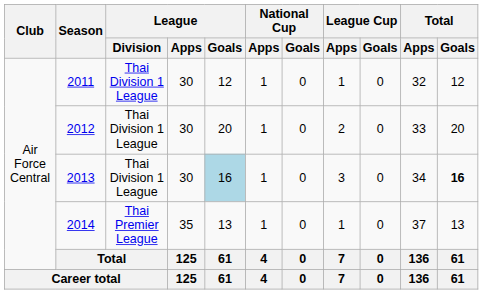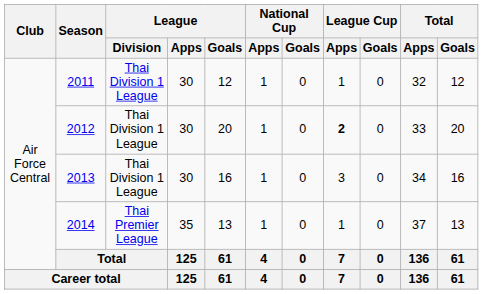 <table class="wikitable" style="text-align: center;">
 <tr>
 <th rowspan="2">Club</th>
 <th rowspan="2">Season</th>
 <th colspan="3">League</th>
 <th colspan="2">National Cup</th>
 <th colspan="2">League Cup</th>
 <th colspan="2">Total</th>
 </tr>
 <tr>
 <th>Division</th>
 <th>Apps</th>
 <th>Goals</th>
 <th>Apps</th>
 <th>Goals</th>
 <th>Apps</th>
 <th>Goals</th>
 <th>Apps</th>
 <th>Goals</th>
 </tr>
 <tr>
 <td rowspan="5" valign="center">Air Force Central</td>
 <td><a href='#'>2011</a></td>
 <td><a href='#'>Thai Division 1 League</a></td>
 <td>30</td>
 <td>12</td>
 <td>1</td>
 <td>0</td>
 <td>1</td>
 <td>0</td>
 <td>32</td>
 <td>12</td>
 </tr>
 <tr>
 <td><a href='#'>2012</a></td>
 <td>Thai Division 1 League</td>
 <td>30</td>
 <td>20</td>
 <td>1</td>
 <td>0</td>
-<td>2</td>
+<td><strong>2</strong></td>
 <td>0</td>
 <td>33</td>
 <td>20</td>
 </tr>
 <tr>
 <td><a href='#'>2013</a></td>
 <td>Thai Division 1 League</td>
 <td>30</td>
-<td style="background: lightblue;">16</td>
+<td>16</td>
 <td>1</td>
 <td>0</td>
 <td>3</td>
 <td>0</td>
 <td>34</td>
-<td><strong>16</strong></td>
+<td>16</td>
 </tr>
 <tr>
 <td><a href='#'>2014</a></td>
 <td><a href='#'>Thai Premier League</a></td>
 <td>35</td>
 <td>13</td>
 <td>1</td>
 <td>0</td>
 <td>1</td>
 <td>0</td>
 <td>37</td>
 <td>13</td>
 </tr>
 <tr>
 <th colspan="2">Total</th>
 <th>125</th>
 <th>61</th>
 <th>4</th>
 <th>0</th>
 <th>7</th>
 <th>0</th>
 <th>136</th>
 <th>61</th>
 </tr>
 <tr>
 <th colspan="3">Career total</th>
 <th>125</th>
 <th>61</th>
 <th>4</th>
 <th>0</th>
 <th>7</th>
 <th>0</th>
 <th>136</th>
 <th>61</th>
 </tr>
 </table>
